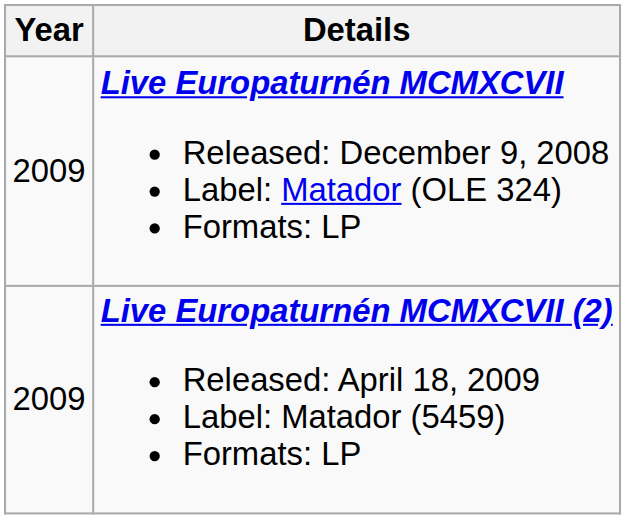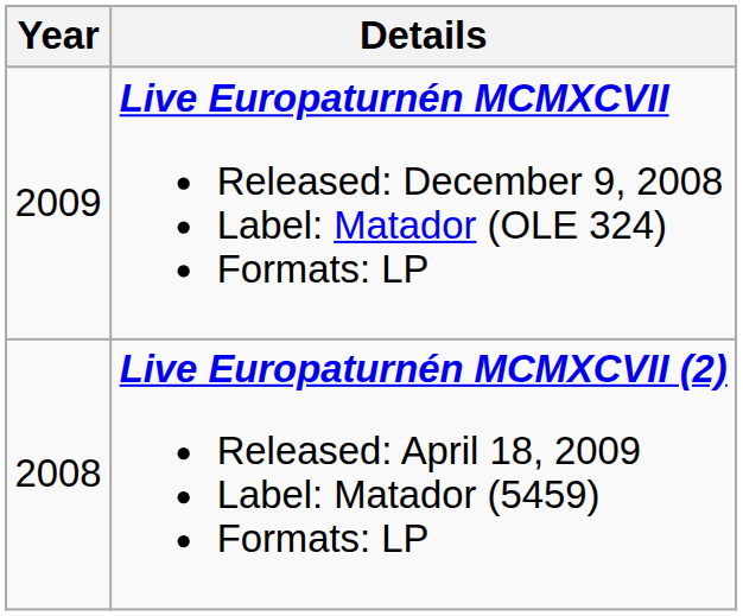 <table class="wikitable">
 <tr>
 <th scope="col">Year</th>
 <th scope="col">Details</th>
 </tr>
 <tr>
 <td>2009</td>
 <td><strong><em><a href='#'>Live Europaturnén MCMXCVII</a></em></strong><br><ul><li>Released: December 9, 2008</li><li>Label: <a href='#'>Matador</a> (OLE 324)</li><li>Formats: LP</li></ul></td>
 </tr>
 <tr>
-<td>2009</td>
+<td>2008</td>
 <td><strong><em><a href='#'>Live Europaturnén MCMXCVII (2)</a></em></strong><br><ul><li>Released: April 18, 2009</li><li>Label: Matador (5459)</li><li>Formats: LP</li></ul></td>
 </tr>
 </table>
